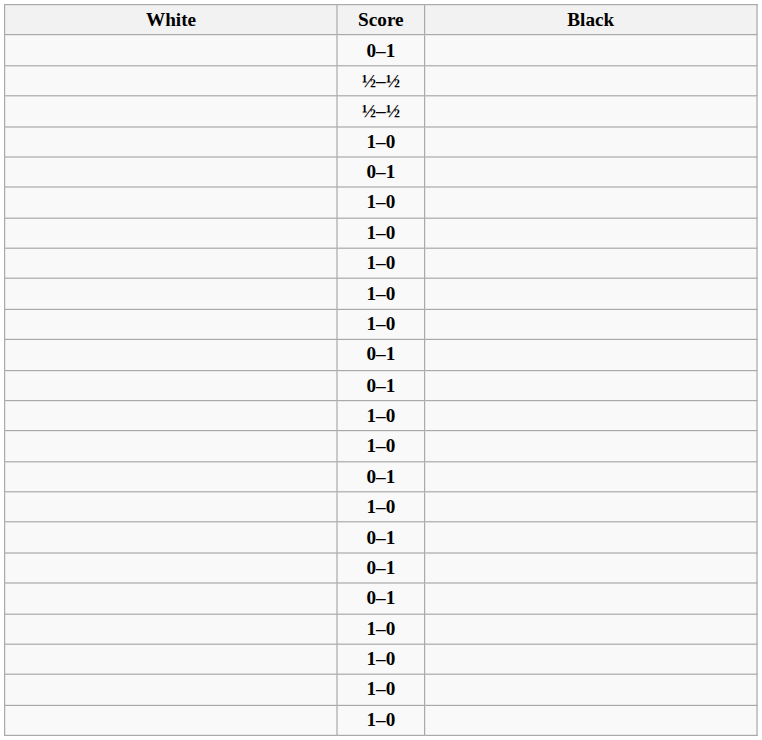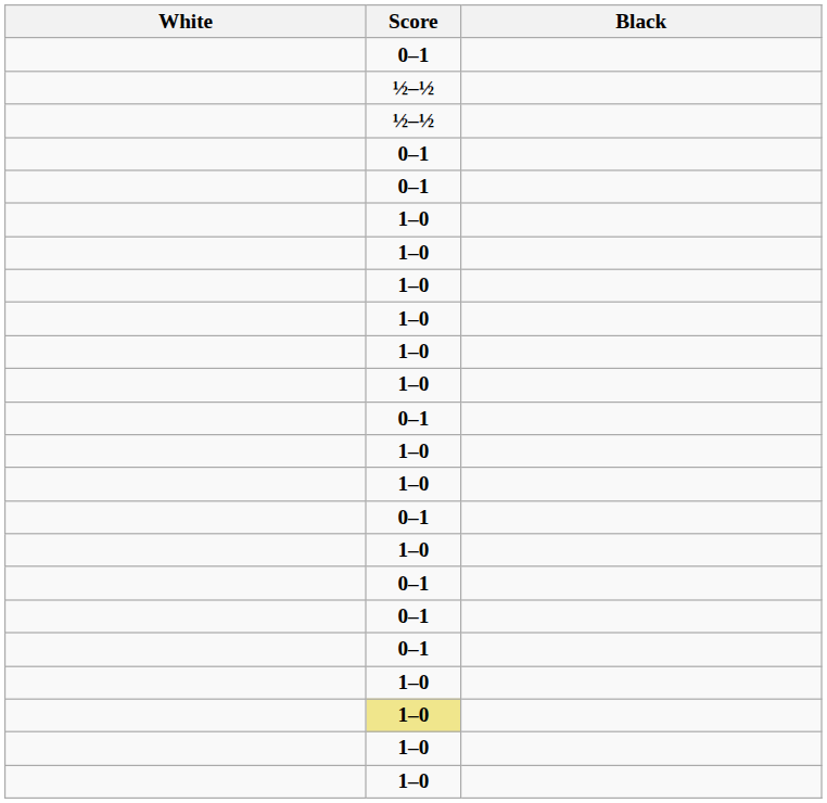 <table class="wikitable" style="text-align: center;">
 <tr>
 <th align="right" width="270">White</th>
 <th width="65">Score</th>
 <th align="left" width="270">Black</th>
 </tr>
 <tr>
 <td align=left></td>
 <td align=center><strong>0–1</strong></td>
 <td align=left><strong></strong></td>
 </tr>
 <tr>
 <td align=left></td>
 <td align=center><strong>½–½</strong></td>
 <td align=left></td>
 </tr>
 <tr>
 <td align=left></td>
 <td align=center><strong>½–½</strong></td>
 <td align=left></td>
 </tr>
 <tr>
 <td align=left><strong></strong></td>
-<td align=center><strong>1–0</strong></td>
+<td align=center><strong>0–1</strong></td>
 <td align=left></td>
 </tr>
 <tr>
 <td align=left></td>
 <td align=center><strong>0–1</strong></td>
 <td align=left><strong></strong></td>
 </tr>
 <tr>
 <td align=left><strong></strong></td>
 <td align=center><strong>1–0</strong></td>
 <td align=left></td>
 </tr>
 <tr>
 <td align=left><strong></strong></td>
 <td align=center><strong>1–0</strong></td>
 <td align=left></td>
 </tr>
 <tr>
 <td align=left><strong></strong></td>
 <td align=center><strong>1–0</strong></td>
 <td align=left></td>
 </tr>
 <tr>
 <td align=left></td>
 <td align=center><strong>1–0</strong></td>
 <td align=left><strong></strong></td>
 </tr>
 <tr>
 <td align=left><strong></strong></td>
 <td align=center><strong>1–0</strong></td>
 <td align=left></td>
 </tr>
 <tr>
 <td align=left></td>
-<td align=center><strong>0–1</strong></td>
+<td align=center><strong>1–0</strong></td>
 <td align=left><strong></strong></td>
 </tr>
 <tr>
 <td align=left></td>
 <td align=center><strong>0–1</strong></td>
 <td align=left><strong></strong></td>
 </tr>
 <tr>
 <td align=left><strong></strong></td>
 <td align=center><strong>1–0</strong></td>
 <td align=left></td>
 </tr>
 <tr>
 <td align=left><strong></strong></td>
 <td align=center><strong>1–0</strong></td>
 <td align=left></td>
 </tr>
 <tr>
 <td align=left></td>
 <td align=center><strong>0–1</strong></td>
 <td align=left><strong></strong></td>
 </tr>
 <tr>
 <td align=left><strong></strong></td>
 <td align=center><strong>1–0</strong></td>
 <td align=left></td>
 </tr>
 <tr>
 <td align=left></td>
 <td align=center><strong>0–1</strong></td>
 <td align=left><strong></strong></td>
 </tr>
 <tr>
 <td align=left></td>
 <td align=center><strong>0–1</strong></td>
 <td align=left><strong></strong></td>
 </tr>
 <tr>
 <td align=left></td>
 <td align=center><strong>0–1</strong></td>
 <td align=left><strong></strong></td>
 </tr>
 <tr>
 <td align=left><strong></strong></td>
 <td align=center><strong>1–0</strong></td>
 <td align=left></td>
 </tr>
 <tr>
 <td align=left><strong></strong></td>
-<td align=center><strong>1–0</strong></td>
+<td align=center style="background: khaki;"><strong>1–0</strong></td>
 <td align=left></td>
 </tr>
 <tr>
 <td align=left><strong></strong></td>
 <td align=center><strong>1–0</strong></td>
 <td align=left></td>
 </tr>
 <tr>
 <td align=left><strong></strong></td>
 <td align=center><strong>1–0</strong></td>
 <td align=left></td>
 </tr>
 </table>
